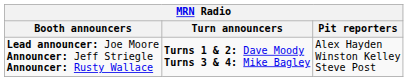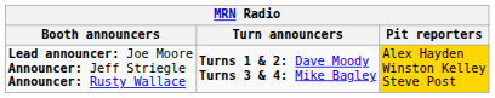 <table class="wikitable" style="font-size: 95%;">
 <tr>
 <th colspan="3"><a href='#'>MRN</a> Radio</th>
 </tr>
 <tr>
 <th>Booth announcers</th>
 <th>Turn announcers</th>
 <th>Pit reporters</th>
 </tr>
 <tr>
 <td><strong>Lead announcer:</strong> Joe Moore<br><strong>Announcer:</strong> Jeff Striegle<br><strong>Announcer:</strong> <a href='#'>Rusty Wallace</a></td>
 <td><strong>Turns 1 & 2:</strong> <a href='#'>Dave Moody</a><br><strong>Turns 3 & 4:</strong> <a href='#'>Mike Bagley</a></td>
-<td>Alex Hayden<br>Winston Kelley<br>Steve Post</td>
+<td style="background: gold;">Alex Hayden<br>Winston Kelley<br>Steve Post</td>
 </tr>
 </table>
